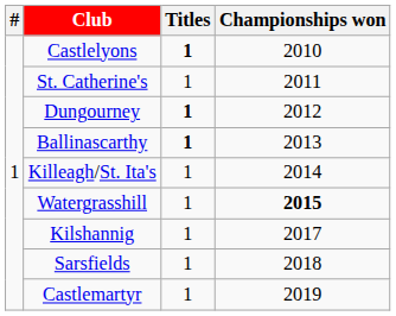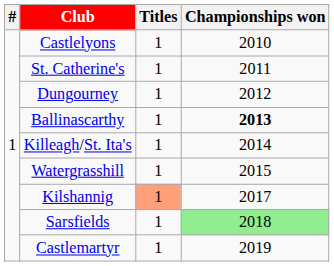 <table class="wikitable sortable" style="text-align:center">
 <tr>
 <th>#</th>
 <th style="background:red;color:white" scope="col">Club</th>
 <th>Titles</th>
 <th>Championships won</th>
 </tr>
 <tr>
 <td rowspan="9">1</td>
 <td><a href='#'>Castlelyons</a></td>
-<td><strong>1</strong></td>
+<td>1</td>
 <td>2010</td>
 </tr>
 <tr>
 <td><a href='#'>St. Catherine's</a></td>
 <td>1</td>
 <td>2011</td>
 </tr>
 <tr>
 <td><a href='#'>Dungourney</a></td>
-<td><strong>1</strong></td>
+<td>1</td>
 <td>2012</td>
 </tr>
 <tr>
 <td><a href='#'>Ballinascarthy</a></td>
-<td><strong>1</strong></td>
-<td>2013</td>
+<td>1</td>
+<td><strong>2013</strong></td>
 </tr>
 <tr>
 <td><a href='#'>Killeagh</a>/<a href='#'>St. Ita's</a></td>
 <td>1</td>
 <td>2014</td>
 </tr>
 <tr>
 <td><a href='#'>Watergrasshill</a></td>
 <td>1</td>
-<td><strong>2015</strong></td>
+<td>2015</td>
 </tr>
 <tr>
 <td><a href='#'>Kilshannig</a></td>
-<td>1</td>
+<td style="background: lightsalmon;">1</td>
 <td>2017</td>
 </tr>
 <tr>
 <td><a href='#'>Sarsfields</a></td>
 <td>1</td>
-<td>2018</td>
+<td style="background: lightgreen;">2018</td>
 </tr>
 <tr>
 <td><a href='#'>Castlemartyr</a></td>
 <td>1</td>
 <td>2019</td>
 </tr>
 </table>
